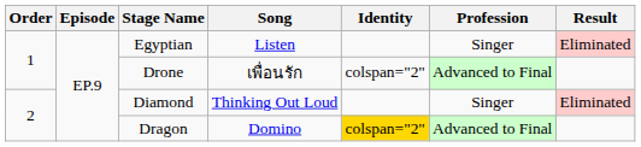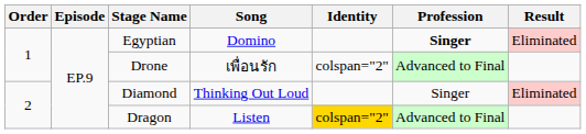 <table class="wikitable">
 <tr>
 <th>Order</th>
 <th>Episode</th>
 <th>Stage Name</th>
 <th>Song</th>
 <th>Identity</th>
 <th>Profession</th>
 <th>Result</th>
 </tr>
 <tr>
 <td rowspan="2" align="center">1</td>
 <td rowspan="4" align="center">EP.9</td>
 <td align="center">Egyptian</td>
-<td align="center"><a href='#'>Listen</a></td>
+<td align="center"><a href='#'>Domino</a></td>
 <td align="center"></td>
-<td align="center">Singer</td>
+<td align="center"><strong>Singer</strong></td>
 <td align="center" style="background:#ffcccc">Eliminated</td>
 </tr>
 <tr>
 <td align="center">Drone</td>
 <td align="center">เพื่อนรัก</td>
 <td>colspan="2" </td>
 <td align="center" style="background:#ccffcc">Advanced to Final</td>
 </tr>
 <tr>
 <td rowspan="2" align="center">2</td>
 <td align="center">Diamond</td>
 <td align="center"><a href='#'>Thinking Out Loud</a></td>
 <td align="center"></td>
 <td align="center">Singer</td>
 <td align="center" style="background:#ffcccc">Eliminated</td>
 </tr>
 <tr>
 <td align="center">Dragon</td>
-<td align="center"><a href='#'>Domino</a></td>
+<td align="center"><a href='#'>Listen</a></td>
 <td style="background: gold;">colspan="2" </td>
 <td align="center" style="background:#ccffcc">Advanced to Final</td>
 </tr>
 </table>
